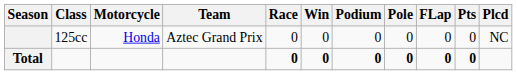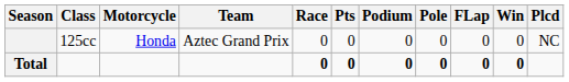 <table class="wikitable" style=text-align:right>
 <tr>
 <th>Season</th>
 <th>Class</th>
 <th>Motorcycle</th>
 <th>Team</th>
 <th>Race</th>
-<th>Win</th>
+<th>Pts</th>
 <th>Podium</th>
 <th>Pole</th>
 <th>FLap</th>
-<th>Pts</th>
+<th>Win</th>
 <th>Plcd</th>
 </tr>
 <tr>
 <th></th>
 <td>125cc</td>
 <td><a href='#'>Honda</a></td>
 <td>Aztec Grand Prix</td>
 <td>0</td>
 <td>0</td>
 <td>0</td>
 <td>0</td>
 <td>0</td>
 <td>0</td>
 <td>NC</td>
 </tr>
 <tr>
 <th>Total</th>
 <td></td>
 <td></td>
 <td></td>
 <td><strong>0</strong></td>
 <td><strong>0</strong></td>
 <td><strong>0</strong></td>
 <td><strong>0</strong></td>
 <td><strong>0</strong></td>
 <td><strong>0</strong></td>
 <td></td>
 </tr>
 </table>
